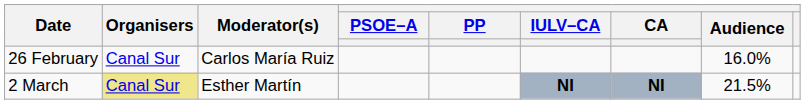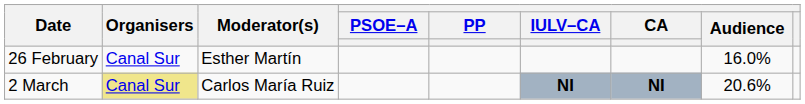 <table class="wikitable" style="text-align:center;">
 <tr>
 <th rowspan="3">Date</th>
 <th rowspan="3">Organisers</th>
 <th rowspan="3">Moderator(s)</th>
 <th colspan="6">    </th>
 </tr>
 <tr>
 <th scope="col" style="width:5em;"><a href='#'>PSOE–A</a></th>
 <th scope="col" style="width:5em;"><a href='#'>PP</a></th>
 <th scope="col" style="width:5em;"><a href='#'>IULV–CA</a></th>
 <th scope="col" style="width:5em;">CA</th>
 <th rowspan="2" scope="col" style="width:5em;">Audience</th>
 <th rowspan="2"></th>
 </tr>
 <tr>
 <th style="color:inherit;background:"></th>
 <th style="color:inherit;background:"></th>
 <th style="color:inherit;background:"></th>
 <th style="color:inherit;background:"></th>
 </tr>
 <tr>
 <td style="white-space:nowrap; text-align:left;">26 February</td>
 <td style="white-space:nowrap; text-align:left;"><a href='#'>Canal Sur</a></td>
-<td style="white-space:nowrap; text-align:left;">Carlos María Ruiz</td>
+<td style="white-space:nowrap; text-align:left;">Esther Martín</td>
 <td></td>
 <td></td>
 <td></td>
 <td></td>
 <td>16.0%<br></td>
 <td><br></td>
 </tr>
 <tr>
 <td style="white-space:nowrap; text-align:left;">2 March</td>
 <td style="background: khaki; white-space:nowrap; text-align:left;"><a href='#'>Canal Sur</a></td>
-<td style="white-space:nowrap; text-align:left;">Esther Martín</td>
+<td style="white-space:nowrap; text-align:left;">Carlos María Ruiz</td>
 <td></td>
 <td></td>
 <td style="background:#A2B2C2;"><strong>NI</strong></td>
 <td style="background:#A2B2C2;"><strong>NI</strong></td>
-<td>21.5%<br></td>
+<td>20.6%<br></td>
 <td><br></td>
 </tr>
 </table>
